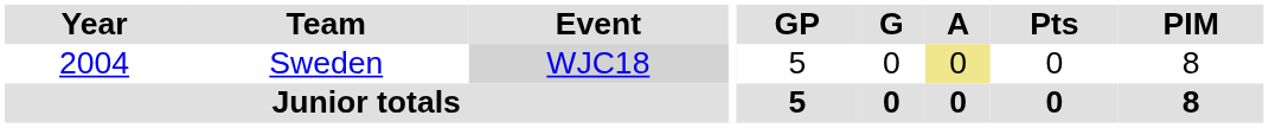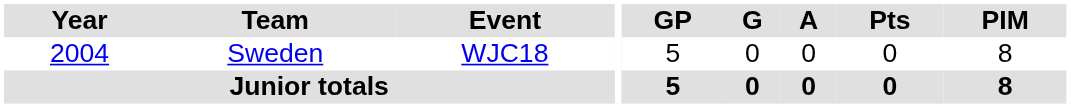 <table border="0" cellpadding="1" cellspacing="0" ID="Table3" style="text-align:center; width:40em">
 <tr ALIGN="center" bgcolor="#e0e0e0">
 <th>Year</th>
 <th>Team</th>
 <th>Event</th>
 <th rowspan="99" bgcolor="#ffffff"></th>
 <th>GP</th>
 <th>G</th>
 <th>A</th>
 <th>Pts</th>
 <th>PIM</th>
 </tr>
 <tr>
 <td><a href='#'>2004</a></td>
 <td><a href='#'>Sweden</a></td>
-<td style="background: lightgrey;"><a href='#'>WJC18</a></td>
+<td><a href='#'>WJC18</a></td>
 <td>5</td>
 <td>0</td>
-<td style="background: khaki;">0</td>
+<td>0</td>
 <td>0</td>
 <td>8</td>
 </tr>
 <tr bgcolor="#e0e0e0">
 <th colspan="3">Junior totals</th>
 <th>5</th>
 <th>0</th>
 <th>0</th>
 <th>0</th>
 <th>8</th>
 </tr>
 </table>
